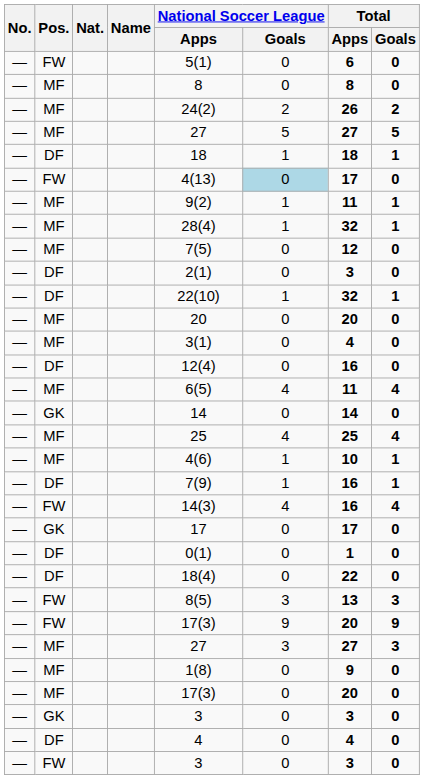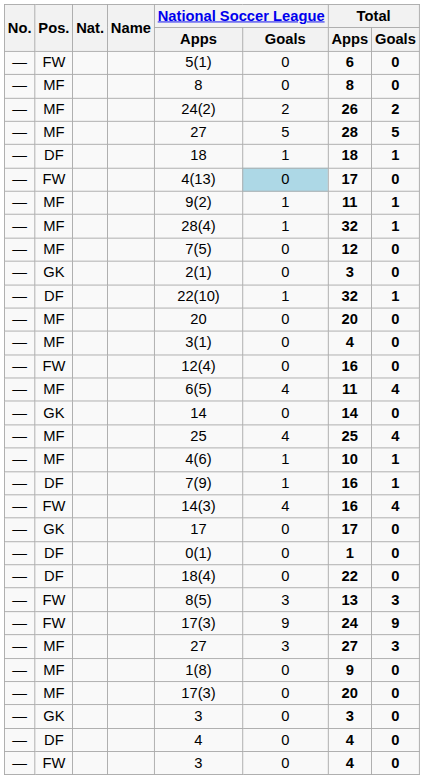 <table class="wikitable sortable" style="text-align:center">
 <tr>
 <th rowspan="2">No.</th>
 <th rowspan="2">Pos.</th>
 <th rowspan="2">Nat.</th>
 <th rowspan="2">Name</th>
 <th colspan="2"><a href='#'>National Soccer League</a></th>
 <th colspan="2">Total</th>
 </tr>
 <tr>
 <th>Apps</th>
 <th>Goals</th>
 <th>Apps</th>
 <th>Goals</th>
 </tr>
 <tr>
 <td>—</td>
 <td>FW</td>
 <td></td>
 <td align=left></td>
 <td>5(1)</td>
 <td>0</td>
 <td><strong>6</strong></td>
 <td><strong>0</strong></td>
 </tr>
 <tr>
 <td>—</td>
 <td>MF</td>
 <td></td>
 <td align=left></td>
 <td>8</td>
 <td>0</td>
 <td><strong>8</strong></td>
 <td><strong>0</strong></td>
 </tr>
 <tr>
 <td>—</td>
 <td>MF</td>
 <td></td>
 <td align=left></td>
 <td>24(2)</td>
 <td>2</td>
 <td><strong>26</strong></td>
 <td><strong>2</strong></td>
 </tr>
 <tr>
 <td>—</td>
 <td>MF</td>
 <td></td>
 <td align=left></td>
 <td>27</td>
 <td>5</td>
-<td><strong>27</strong></td>
+<td><strong>28</strong></td>
 <td><strong>5</strong></td>
 </tr>
 <tr>
 <td>—</td>
 <td>DF</td>
 <td></td>
 <td align=left></td>
 <td>18</td>
 <td>1</td>
 <td><strong>18</strong></td>
 <td><strong>1</strong></td>
 </tr>
 <tr>
 <td>—</td>
 <td>FW</td>
 <td></td>
 <td align=left></td>
 <td>4(13)</td>
 <td style="background: lightblue;">0</td>
 <td><strong>17</strong></td>
 <td><strong>0</strong></td>
 </tr>
 <tr>
 <td>—</td>
 <td>MF</td>
 <td></td>
 <td align=left></td>
 <td>9(2)</td>
 <td>1</td>
 <td><strong>11</strong></td>
 <td><strong>1</strong></td>
 </tr>
 <tr>
 <td>—</td>
 <td>MF</td>
 <td></td>
 <td align=left></td>
 <td>28(4)</td>
 <td>1</td>
 <td><strong>32</strong></td>
 <td><strong>1</strong></td>
 </tr>
 <tr>
 <td>—</td>
 <td>MF</td>
 <td></td>
 <td align=left></td>
 <td>7(5)</td>
 <td>0</td>
 <td><strong>12</strong></td>
 <td><strong>0</strong></td>
 </tr>
 <tr>
 <td>—</td>
-<td>DF</td>
+<td>GK</td>
 <td></td>
 <td align=left></td>
 <td>2(1)</td>
 <td>0</td>
 <td><strong>3</strong></td>
 <td><strong>0</strong></td>
 </tr>
 <tr>
 <td>—</td>
 <td>DF</td>
 <td></td>
 <td align=left></td>
 <td>22(10)</td>
 <td>1</td>
 <td><strong>32</strong></td>
 <td><strong>1</strong></td>
 </tr>
 <tr>
 <td>—</td>
 <td>MF</td>
 <td></td>
 <td align=left></td>
 <td>20</td>
 <td>0</td>
 <td><strong>20</strong></td>
 <td><strong>0</strong></td>
 </tr>
 <tr>
 <td>—</td>
 <td>MF</td>
 <td></td>
 <td align=left></td>
 <td>3(1)</td>
 <td>0</td>
 <td><strong>4</strong></td>
 <td><strong>0</strong></td>
 </tr>
 <tr>
 <td>—</td>
-<td>DF</td>
+<td>FW</td>
 <td></td>
 <td align=left></td>
 <td>12(4)</td>
 <td>0</td>
 <td><strong>16</strong></td>
 <td><strong>0</strong></td>
 </tr>
 <tr>
 <td>—</td>
 <td>MF</td>
 <td></td>
 <td align=left></td>
 <td>6(5)</td>
 <td>4</td>
 <td><strong>11</strong></td>
 <td><strong>4</strong></td>
 </tr>
 <tr>
 <td>—</td>
 <td>GK</td>
 <td></td>
 <td align=left></td>
 <td>14</td>
 <td>0</td>
 <td><strong>14</strong></td>
 <td><strong>0</strong></td>
 </tr>
 <tr>
 <td>—</td>
 <td>MF</td>
 <td></td>
 <td align=left></td>
 <td>25</td>
 <td>4</td>
 <td><strong>25</strong></td>
 <td><strong>4</strong></td>
 </tr>
 <tr>
 <td>—</td>
 <td>MF</td>
 <td></td>
 <td align=left></td>
 <td>4(6)</td>
 <td>1</td>
 <td><strong>10</strong></td>
 <td><strong>1</strong></td>
 </tr>
 <tr>
 <td>—</td>
 <td>DF</td>
 <td></td>
 <td align=left></td>
 <td>7(9)</td>
 <td>1</td>
 <td><strong>16</strong></td>
 <td><strong>1</strong></td>
 </tr>
 <tr>
 <td>—</td>
 <td>FW</td>
 <td></td>
 <td align=left></td>
 <td>14(3)</td>
 <td>4</td>
 <td><strong>16</strong></td>
 <td><strong>4</strong></td>
 </tr>
 <tr>
 <td>—</td>
 <td>GK</td>
 <td></td>
 <td align=left></td>
 <td>17</td>
 <td>0</td>
 <td><strong>17</strong></td>
 <td><strong>0</strong></td>
 </tr>
 <tr>
 <td>—</td>
 <td>DF</td>
 <td></td>
 <td align=left></td>
 <td>0(1)</td>
 <td>0</td>
 <td><strong>1</strong></td>
 <td><strong>0</strong></td>
 </tr>
 <tr>
 <td>—</td>
 <td>DF</td>
 <td></td>
 <td align=left></td>
 <td>18(4)</td>
 <td>0</td>
 <td><strong>22</strong></td>
 <td><strong>0</strong></td>
 </tr>
 <tr>
 <td>—</td>
 <td>FW</td>
 <td></td>
 <td align=left></td>
 <td>8(5)</td>
 <td>3</td>
 <td><strong>13</strong></td>
 <td><strong>3</strong></td>
 </tr>
 <tr>
 <td>—</td>
 <td>FW</td>
 <td></td>
 <td align=left></td>
 <td>17(3)</td>
 <td>9</td>
-<td><strong>20</strong></td>
+<td><strong>24</strong></td>
 <td><strong>9</strong></td>
 </tr>
 <tr>
 <td>—</td>
 <td>MF</td>
 <td></td>
 <td align=left></td>
 <td>27</td>
 <td>3</td>
 <td><strong>27</strong></td>
 <td><strong>3</strong></td>
 </tr>
 <tr>
 <td>—</td>
 <td>MF</td>
 <td></td>
 <td align=left></td>
 <td>1(8)</td>
 <td>0</td>
 <td><strong>9</strong></td>
 <td><strong>0</strong></td>
 </tr>
 <tr>
 <td>—</td>
 <td>MF</td>
 <td></td>
 <td align=left></td>
 <td>17(3)</td>
 <td>0</td>
 <td><strong>20</strong></td>
 <td><strong>0</strong></td>
 </tr>
 <tr>
 <td>—</td>
 <td>GK</td>
 <td></td>
 <td align=left></td>
 <td>3</td>
 <td>0</td>
 <td><strong>3</strong></td>
 <td><strong>0</strong></td>
 </tr>
 <tr>
 <td>—</td>
 <td>DF</td>
 <td></td>
 <td align=left></td>
 <td>4</td>
 <td>0</td>
 <td><strong>4</strong></td>
 <td><strong>0</strong></td>
 </tr>
 <tr>
 <td>—</td>
 <td>FW</td>
 <td></td>
 <td align=left></td>
 <td>3</td>
 <td>0</td>
-<td><strong>3</strong></td>
+<td><strong>4</strong></td>
 <td><strong>0</strong></td>
 </tr>
 </table>
